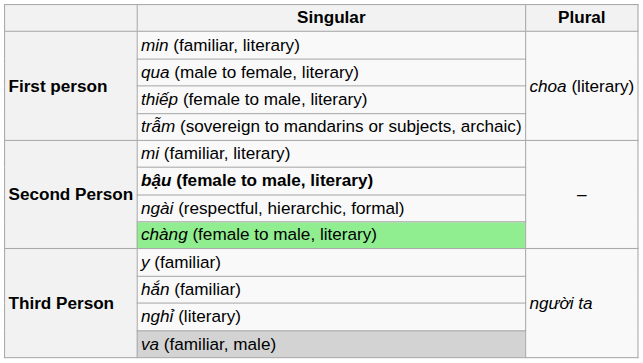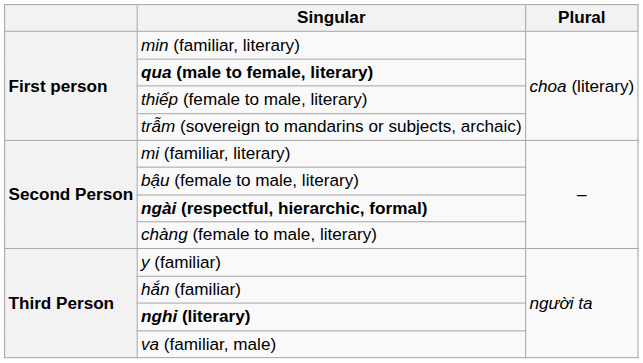 <table class="wikitable">
 <tr>
 <th></th>
 <th>Singular</th>
 <th>Plural</th>
 </tr>
 <tr>
 <th rowspan="4" style="text-align: left;">First person</th>
 <td><em>min</em> (familiar, literary)</td>
 <td rowspan="4"><em>choa</em> (literary)</td>
 </tr>
 <tr>
-<td><em>qua</em> (male to female, literary)</td>
+<td><strong><em>qua</em> (male to female, literary)</strong></td>
 </tr>
 <tr>
 <td><em>thiếp</em> (female to male, literary)</td>
 </tr>
 <tr>
 <td><em>trẫm</em> (sovereign to mandarins or subjects, archaic)</td>
 </tr>
 <tr>
 <th rowspan="4" style="text-align: left;">Second Person</th>
 <td><em>mi</em> (familiar, literary)</td>
 <td rowspan="4" style="text-align: center;">–</td>
 </tr>
 <tr>
-<td><strong><em>bậu</em> (female to male, literary)</strong></td>
+<td><em>bậu</em> (female to male, literary)</td>
 </tr>
 <tr>
-<td><em>ngài</em> (respectful, hierarchic, formal)</td>
+<td><strong><em>ngài</em> (respectful, hierarchic, formal)</strong></td>
 </tr>
 <tr>
-<td style="background: lightgreen;"><em>chàng</em> (female to male, literary)</td>
+<td><em>chàng</em> (female to male, literary)</td>
 </tr>
 <tr>
 <th rowspan="4" style="text-align: left;">Third Person</th>
 <td><em>y</em> (familiar)</td>
 <td rowspan="4"><em>người ta</em></td>
 </tr>
 <tr>
 <td><em>hắn</em> (familiar)</td>
 </tr>
 <tr>
-<td><em>nghỉ</em> (literary)</td>
+<td><strong><em>nghỉ</em> (literary)</strong></td>
 </tr>
 <tr>
-<td style="background: lightgrey;"><em>va</em> (familiar, male)</td>
+<td><em>va</em> (familiar, male)</td>
 </tr>
 </table>
